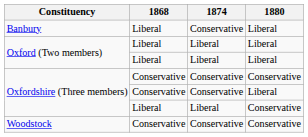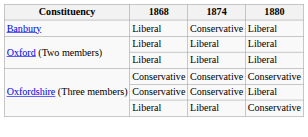 <table class="wikitable">
 <tr>
 <th>Constituency</th>
 <th>1868</th>
 <th>1874</th>
 <th>1880</th>
 </tr>
 <tr>
 <td><a href='#'>Banbury</a></td>
 <td>Liberal</td>
 <td>Conservative</td>
 <td>Liberal</td>
 </tr>
 <tr>
 <td rowspan="2"><a href='#'>Oxford</a> (Two members)</td>
 <td>Liberal</td>
 <td>Liberal</td>
 <td>Liberal</td>
 </tr>
 <tr>
 <td>Liberal</td>
 <td>Liberal</td>
 <td>Liberal</td>
 </tr>
 <tr>
 <td rowspan="3"><a href='#'>Oxfordshire</a> (Three members)</td>
 <td>Conservative</td>
 <td>Conservative</td>
 <td>Conservative</td>
 </tr>
 <tr>
 <td>Conservative</td>
 <td>Conservative</td>
 <td>Liberal</td>
 </tr>
 <tr>
 <td>Liberal</td>
 <td>Liberal</td>
 <td>Conservative</td>
 </tr>
-<tr>
-<td><a href='#'>Woodstock</a></td>
-<td>Conservative</td>
-<td>Conservative</td>
-<td>Conservative</td>
-</tr>
 </table>
